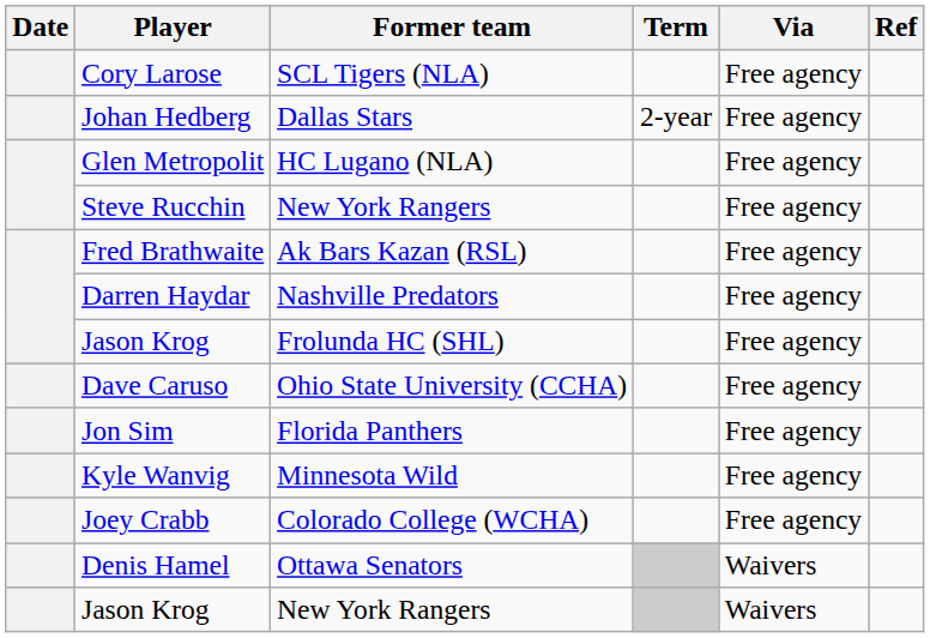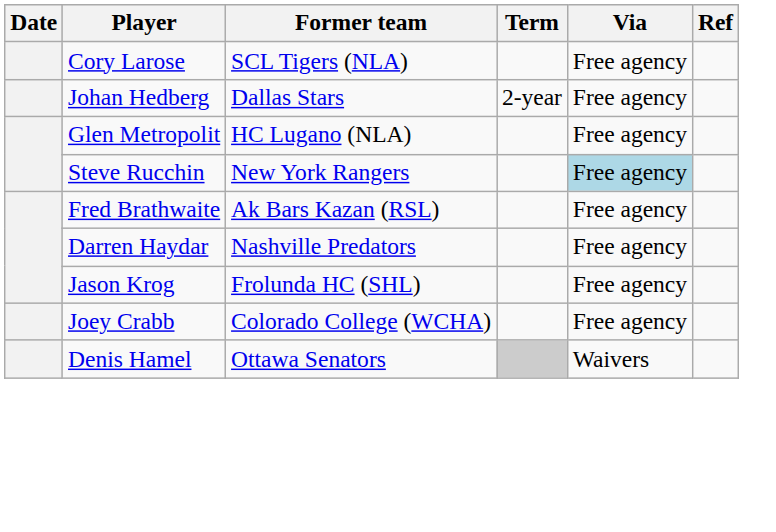 <table class="wikitable plainrowheaders">
 <tr style="background:#ddd; text-align:center;">
 <th>Date</th>
 <th>Player</th>
 <th>Former team</th>
 <th>Term</th>
 <th>Via</th>
 <th>Ref</th>
 </tr>
 <tr>
 <th scope="row"></th>
 <td><a href='#'>Cory Larose</a></td>
 <td><a href='#'>SCL Tigers</a> (<a href='#'>NLA</a>)</td>
 <td></td>
 <td>Free agency</td>
 <td></td>
 </tr>
 <tr>
 <th scope="row"></th>
 <td><a href='#'>Johan Hedberg</a></td>
 <td><a href='#'>Dallas Stars</a></td>
 <td>2-year</td>
 <td>Free agency</td>
 <td></td>
 </tr>
 <tr>
 <th scope="row" rowspan=2></th>
 <td><a href='#'>Glen Metropolit</a></td>
 <td><a href='#'>HC Lugano</a> (NLA)</td>
 <td></td>
 <td>Free agency</td>
 <td></td>
 </tr>
 <tr>
 <td><a href='#'>Steve Rucchin</a></td>
 <td><a href='#'>New York Rangers</a></td>
 <td></td>
-<td>Free agency</td>
+<td style="background: lightblue;">Free agency</td>
 <td></td>
 </tr>
 <tr>
 <th scope="row" rowspan=3></th>
 <td><a href='#'>Fred Brathwaite</a></td>
 <td><a href='#'>Ak Bars Kazan</a> (<a href='#'>RSL</a>)</td>
 <td></td>
 <td>Free agency</td>
 <td></td>
 </tr>
 <tr>
 <td><a href='#'>Darren Haydar</a></td>
 <td><a href='#'>Nashville Predators</a></td>
 <td></td>
 <td>Free agency</td>
 <td></td>
 </tr>
 <tr>
 <td><a href='#'>Jason Krog</a></td>
 <td><a href='#'>Frolunda HC</a> (<a href='#'>SHL</a>)</td>
 <td></td>
 <td>Free agency</td>
 <td></td>
 </tr>
 <tr>
 <th scope="row"></th>
-<td><a href='#'>Dave Caruso</a></td>
-<td><a href='#'>Ohio State University</a> (<a href='#'>CCHA</a>)</td>
-<td></td>
-<td>Free agency</td>
-<td></td>
-</tr>
-<tr>
-<th scope="row"></th>
-<td><a href='#'>Jon Sim</a></td>
-<td><a href='#'>Florida Panthers</a></td>
-<td></td>
-<td>Free agency</td>
-<td></td>
-</tr>
-<tr>
-<th scope="row"></th>
-<td><a href='#'>Kyle Wanvig</a></td>
-<td><a href='#'>Minnesota Wild</a></td>
-<td></td>
-<td>Free agency</td>
-<td></td>
-</tr>
-<tr>
-<th scope="row"></th>
 <td><a href='#'>Joey Crabb</a></td>
 <td><a href='#'>Colorado College</a> (<a href='#'>WCHA</a>)</td>
 <td></td>
 <td>Free agency</td>
 <td></td>
 </tr>
 <tr>
 <th scope="row"></th>
 <td><a href='#'>Denis Hamel</a></td>
 <td><a href='#'>Ottawa Senators</a></td>
 <td style="background:#ccc"></td>
 <td>Waivers</td>
 <td></td>
 </tr>
-<tr>
-<th scope="row"></th>
-<td>Jason Krog</td>
-<td>New York Rangers</td>
-<td style="background:#ccc"></td>
-<td>Waivers</td>
-<td></td>
-</tr>
 </table>
